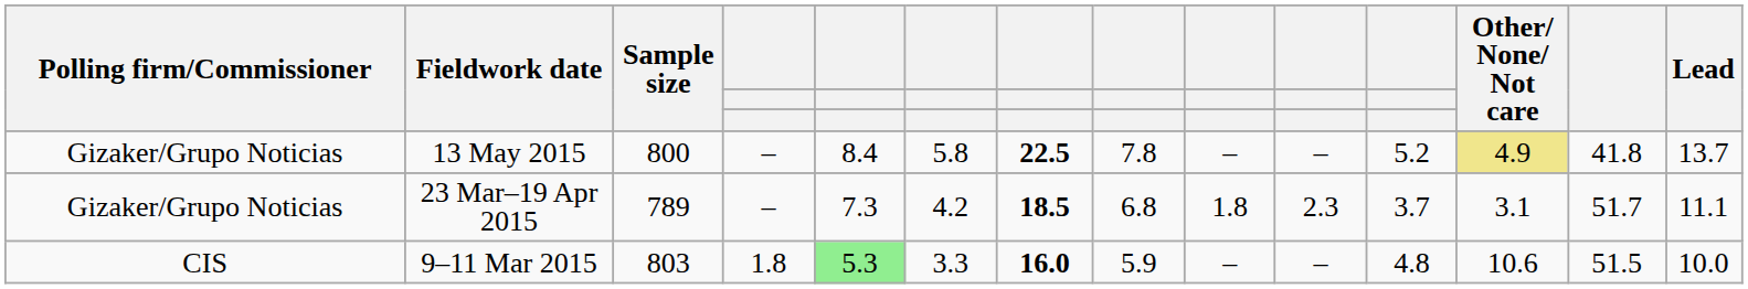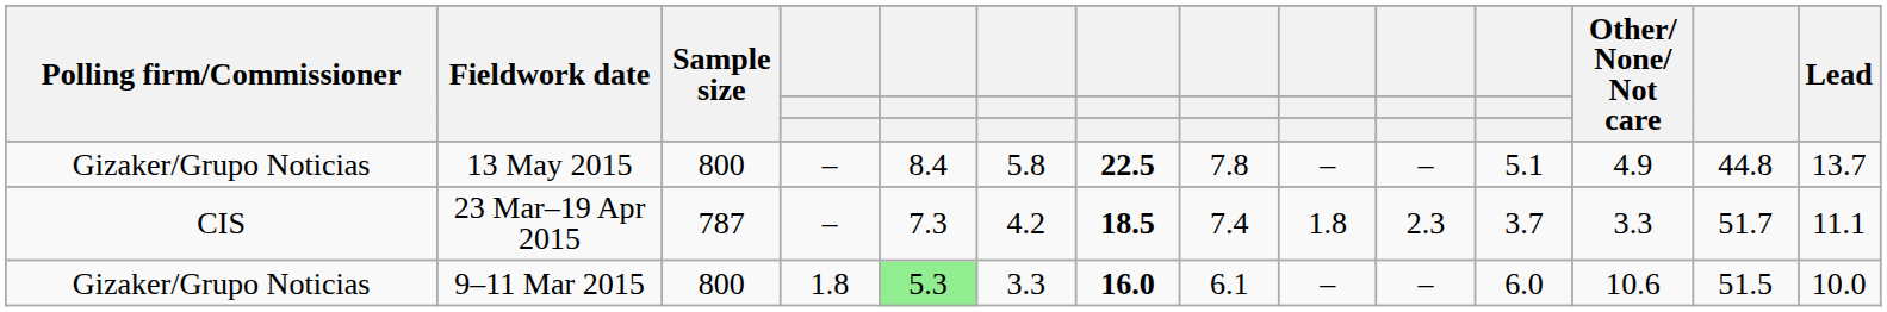 <table class="wikitable collapsible collapsed" style="text-align:center; font-size:90%; line-height:14px;">
 <tr style="height:42px;">
 <th style="width:250px;" rowspan="3">Polling firm/Commissioner</th>
 <th style="width:125px;" rowspan="3">Fieldwork date</th>
 <th style="width:50px;" rowspan="3">Sample size</th>
 <th style="width:55px;"></th>
 <th style="width:55px;"></th>
 <th style="width:55px;"></th>
 <th style="width:55px;"></th>
 <th style="width:55px;"></th>
 <th style="width:55px;"></th>
 <th style="width:55px;"></th>
 <th style="width:55px;"></th>
 <th style="width:55px;" rowspan="3">Other/<br>None/<br>Not<br>care</th>
 <th style="width:55px;" rowspan="3"></th>
 <th style="width:30px;" rowspan="3">Lead</th>
 </tr>
 <tr>
 <th style="color:inherit;background:"></th>
 <th style="color:inherit;background:"></th>
 <th style="color:inherit;background:"></th>
 <th style="color:inherit;background:"></th>
 <th style="color:inherit;background:"></th>
 <th style="color:inherit;background:"></th>
 <th style="color:inherit;background:"></th>
 <th style="color:inherit;background:"></th>
 </tr>
 <tr>
 <th></th>
 <th></th>
 <th></th>
 <th></th>
 <th></th>
 <th></th>
 <th></th>
 <th></th>
 </tr>
 <tr>
 <td>Gizaker/Grupo Noticias</td>
 <td>13 May 2015</td>
 <td>800</td>
 <td>–</td>
 <td>8.4</td>
 <td>5.8</td>
 <td><strong>22.5</strong></td>
 <td>7.8</td>
 <td>–</td>
 <td>–</td>
-<td>5.2</td>
-<td style="background: khaki;">4.9</td>
-<td>41.8</td>
+<td>5.1</td>
+<td>4.9</td>
+<td>44.8</td>
 <td style="background:">13.7</td>
 </tr>
 <tr>
-<td>Gizaker/Grupo Noticias</td>
+<td>CIS</td>
 <td>23 Mar–19 Apr 2015</td>
-<td>789</td>
+<td>787</td>
 <td>–</td>
 <td>7.3</td>
 <td>4.2</td>
 <td><strong>18.5</strong></td>
-<td>6.8</td>
+<td>7.4</td>
 <td>1.8</td>
 <td>2.3</td>
 <td>3.7</td>
-<td>3.1</td>
+<td>3.3</td>
 <td>51.7</td>
 <td style="background:">11.1</td>
 </tr>
 <tr>
-<td>CIS</td>
+<td>Gizaker/Grupo Noticias</td>
 <td>9–11 Mar 2015</td>
-<td>803</td>
+<td>800</td>
 <td>1.8</td>
 <td style="background: lightgreen;">5.3</td>
 <td>3.3</td>
 <td><strong>16.0</strong></td>
-<td>5.9</td>
+<td>6.1</td>
 <td>–</td>
 <td>–</td>
-<td>4.8</td>
+<td>6.0</td>
 <td>10.6</td>
 <td>51.5</td>
 <td style="background:">10.0</td>
 </tr>
 </table>
